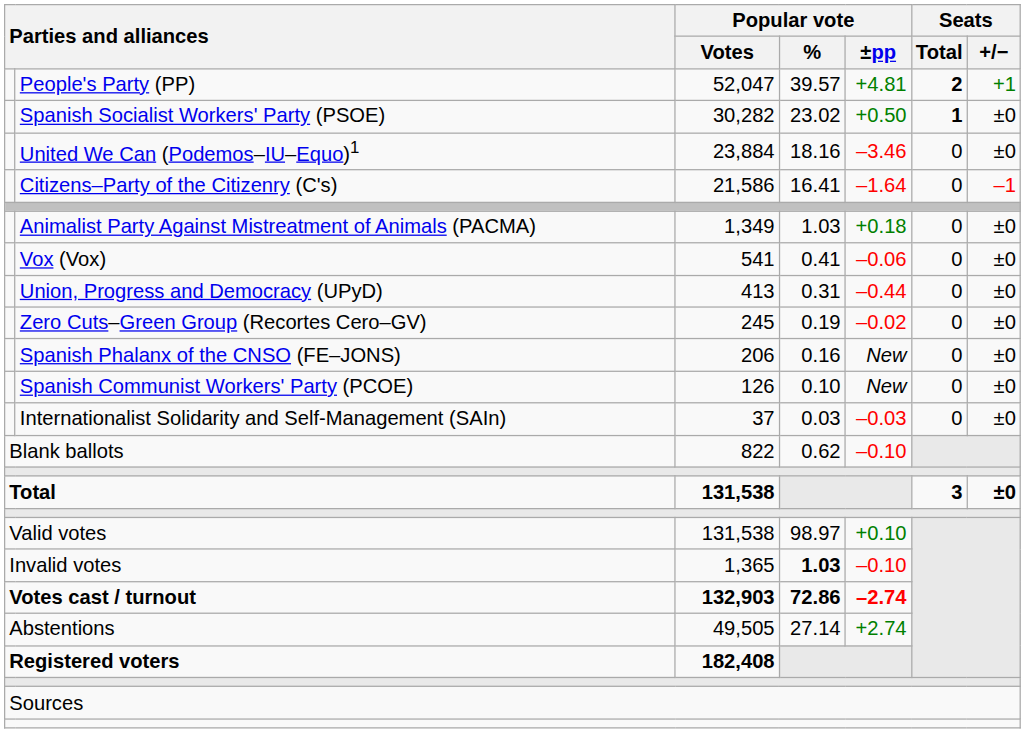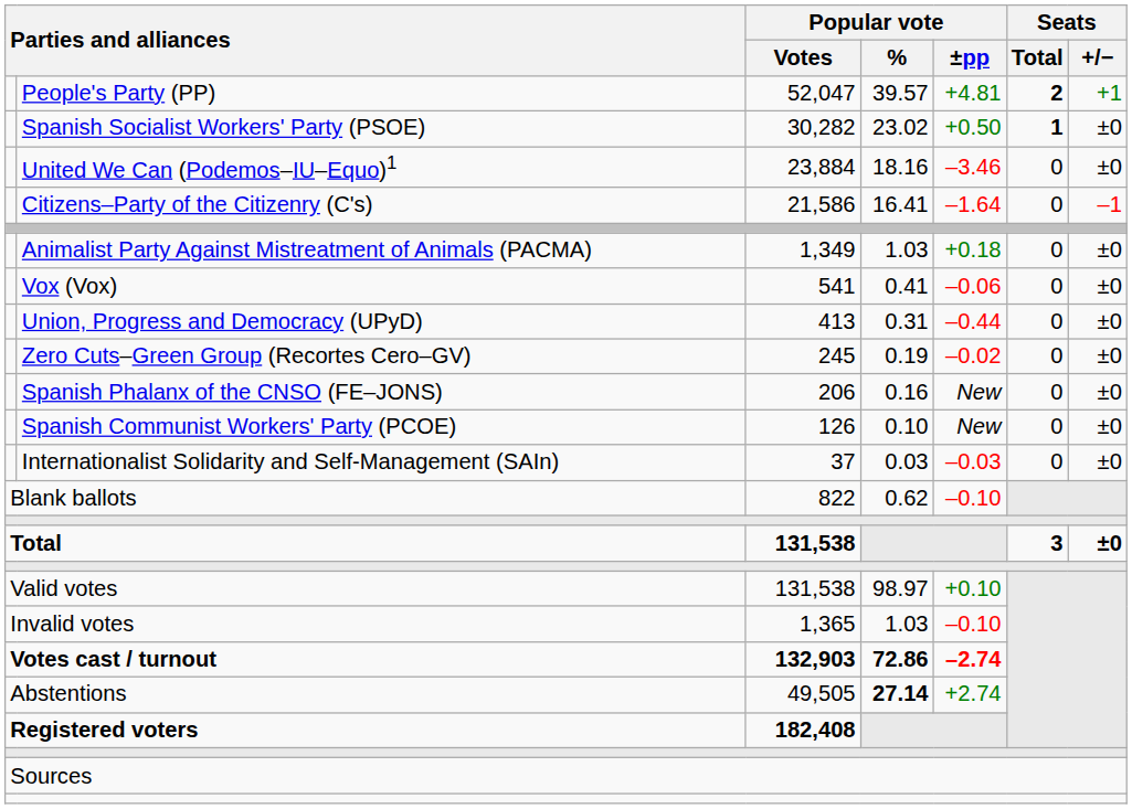 <table class="wikitable" style="text-align:right;">
 <tr>
 <th style="text-align:left;" rowspan="2" colspan="2" width="525">Parties and alliances</th>
 <th colspan="3">Popular vote</th>
 <th colspan="2">Seats</th>
 </tr>
 <tr>
 <th width="75">Votes</th>
 <th width="45">%</th>
 <th width="45">±<a href='#'>pp</a></th>
 <th width="35">Total</th>
 <th width="35">+/−</th>
 </tr>
 <tr>
 <td width="1" style="color:inherit;background:"></td>
 <td align="left"><a href='#'>People's Party</a> (PP)</td>
 <td>52,047</td>
 <td>39.57</td>
 <td style="color:green;">+4.81</td>
 <td><strong>2</strong></td>
 <td style="color:green;">+1</td>
 </tr>
 <tr>
 <td style="color:inherit;background:"></td>
 <td align="left"><a href='#'>Spanish Socialist Workers' Party</a> (PSOE)</td>
 <td>30,282</td>
 <td>23.02</td>
 <td style="color:green;">+0.50</td>
 <td><strong>1</strong></td>
 <td>±0</td>
 </tr>
 <tr>
 <td style="color:inherit;background:"></td>
 <td align="left"><a href='#'>United We Can</a> (<a href='#'>Podemos</a>–<a href='#'>IU</a>–<a href='#'>Equo</a>)<sup>1</sup></td>
 <td>23,884</td>
 <td>18.16</td>
 <td style="color:red;">–3.46</td>
 <td>0</td>
 <td>±0</td>
 </tr>
 <tr>
 <td style="color:inherit;background:"></td>
 <td align="left"><a href='#'>Citizens–Party of the Citizenry</a> (C's)</td>
 <td>21,586</td>
 <td>16.41</td>
 <td style="color:red;">–1.64</td>
 <td>0</td>
 <td style="color:red;">–1</td>
 </tr>
 <tr>
 <td colspan="7" bgcolor="#C0C0C0"></td>
 </tr>
 <tr>
 <td style="color:inherit;background:"></td>
 <td align="left"><a href='#'>Animalist Party Against Mistreatment of Animals</a> (PACMA)</td>
 <td>1,349</td>
 <td>1.03</td>
 <td style="color:green;">+0.18</td>
 <td>0</td>
 <td>±0</td>
 </tr>
 <tr>
 <td style="color:inherit;background:"></td>
 <td align="left"><a href='#'>Vox</a> (Vox)</td>
 <td>541</td>
 <td>0.41</td>
 <td style="color:red;">–0.06</td>
 <td>0</td>
 <td>±0</td>
 </tr>
 <tr>
 <td style="color:inherit;background:"></td>
 <td align="left"><a href='#'>Union, Progress and Democracy</a> (UPyD)</td>
 <td>413</td>
 <td>0.31</td>
 <td style="color:red;">–0.44</td>
 <td>0</td>
 <td>±0</td>
 </tr>
 <tr>
 <td style="color:inherit;background:"></td>
 <td align="left"><a href='#'>Zero Cuts</a>–<a href='#'>Green Group</a> (Recortes Cero–GV)</td>
 <td>245</td>
 <td>0.19</td>
 <td style="color:red;">–0.02</td>
 <td>0</td>
 <td>±0</td>
 </tr>
 <tr>
 <td style="color:inherit;background:"></td>
 <td align="left"><a href='#'>Spanish Phalanx of the CNSO</a> (FE–JONS)</td>
 <td>206</td>
 <td>0.16</td>
 <td><em>New</em></td>
 <td>0</td>
 <td>±0</td>
 </tr>
 <tr>
 <td style="color:inherit;background:"></td>
 <td align="left"><a href='#'>Spanish Communist Workers' Party</a> (PCOE)</td>
 <td>126</td>
 <td>0.10</td>
 <td><em>New</em></td>
 <td>0</td>
 <td>±0</td>
 </tr>
 <tr>
 <td style="color:inherit;background:"></td>
 <td align="left">Internationalist Solidarity and Self-Management (SAIn)</td>
 <td>37</td>
 <td>0.03</td>
 <td style="color:red;">–0.03</td>
 <td>0</td>
 <td>±0</td>
 </tr>
 <tr>
 <td align="left" colspan="2">Blank ballots</td>
 <td>822</td>
 <td>0.62</td>
 <td style="color:red;">–0.10</td>
 <td bgcolor="#E9E9E9" colspan="2"></td>
 </tr>
 <tr>
 <td colspan="7" bgcolor="#E9E9E9"></td>
 </tr>
 <tr style="font-weight:bold;">
 <td align="left" colspan="2">Total</td>
 <td>131,538</td>
 <td bgcolor="#E9E9E9" colspan="2"></td>
 <td>3</td>
 <td>±0</td>
 </tr>
 <tr>
 <td colspan="7" bgcolor="#E9E9E9"></td>
 </tr>
 <tr>
 <td align="left" colspan="2">Valid votes</td>
 <td>131,538</td>
 <td>98.97</td>
 <td style="color:green;">+0.10</td>
 <td bgcolor="#E9E9E9" colspan="2" rowspan="5"></td>
 </tr>
 <tr>
 <td align="left" colspan="2">Invalid votes</td>
 <td>1,365</td>
-<td><strong>1.03</strong></td>
+<td>1.03</td>
 <td style="color:red;">–0.10</td>
 </tr>
 <tr style="font-weight:bold;">
 <td align="left" colspan="2">Votes cast / turnout</td>
 <td>132,903</td>
 <td>72.86</td>
 <td style="color:red;">–2.74</td>
 </tr>
 <tr>
 <td align="left" colspan="2">Abstentions</td>
 <td>49,505</td>
-<td>27.14</td>
+<td><strong>27.14</strong></td>
 <td style="color:green;">+2.74</td>
 </tr>
 <tr style="font-weight:bold;">
 <td align="left" colspan="2">Registered voters</td>
 <td>182,408</td>
 <td bgcolor="#E9E9E9" colspan="2"></td>
 </tr>
 <tr>
 <td colspan="7" bgcolor="#E9E9E9"></td>
 </tr>
 <tr>
 <td align="left" colspan="7">Sources</td>
 </tr>
 <tr>
 <td colspan="7" style="text-align:left; max-width:790px;"></td>
 </tr>
 </table>
